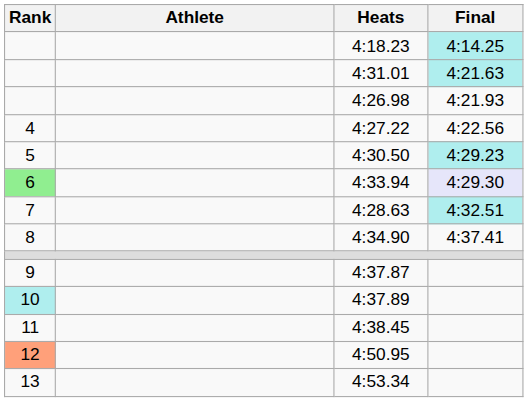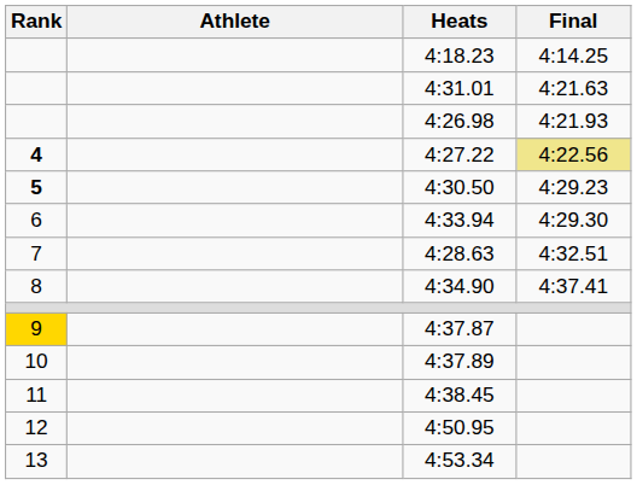 <table class=wikitable style="text-align:center">
 <tr>
 <th width=40>Rank</th>
 <th width=250>Athlete</th>
 <th width=80>Heats</th>
 <th width=80>Final</th>
 </tr>
 <tr>
 <td></td>
 <td align=left></td>
 <td>4:18.23</td>
-<td style="background: paleturquoise;">4:14.25</td>
+<td>4:14.25</td>
 </tr>
 <tr>
 <td></td>
 <td align=left></td>
 <td>4:31.01</td>
-<td style="background: paleturquoise;">4:21.63</td>
+<td>4:21.63</td>
 </tr>
 <tr>
 <td></td>
 <td align=left></td>
 <td>4:26.98</td>
 <td>4:21.93</td>
 </tr>
 <tr>
-<td>4</td>
+<td><strong>4</strong></td>
 <td align=left></td>
 <td>4:27.22</td>
-<td>4:22.56</td>
+<td style="background: khaki;">4:22.56</td>
 </tr>
 <tr>
-<td>5</td>
+<td><strong>5</strong></td>
 <td align=left></td>
 <td>4:30.50</td>
-<td style="background: paleturquoise;">4:29.23</td>
+<td>4:29.23</td>
 </tr>
 <tr>
-<td style="background: lightgreen;">6</td>
+<td>6</td>
 <td align=left></td>
 <td>4:33.94</td>
-<td style="background: lavender;">4:29.30</td>
+<td>4:29.30</td>
 </tr>
 <tr>
 <td>7</td>
 <td align=left></td>
 <td>4:28.63</td>
-<td style="background: paleturquoise;">4:32.51</td>
+<td>4:32.51</td>
 </tr>
 <tr>
 <td>8</td>
 <td align=left></td>
 <td>4:34.90</td>
 <td>4:37.41</td>
 </tr>
 <tr bgcolor=#DDDDDD>
 <td colspan=4></td>
 </tr>
 <tr>
-<td>9</td>
+<td style="background: gold;">9</td>
 <td align=left></td>
 <td>4:37.87</td>
 <td></td>
 </tr>
 <tr>
-<td style="background: paleturquoise;">10</td>
+<td>10</td>
 <td align=left></td>
 <td>4:37.89</td>
 <td></td>
 </tr>
 <tr>
 <td>11</td>
 <td align=left></td>
 <td>4:38.45</td>
 <td></td>
 </tr>
 <tr>
-<td style="background: lightsalmon;">12</td>
+<td>12</td>
 <td align=left></td>
 <td>4:50.95</td>
 <td></td>
 </tr>
 <tr>
 <td>13</td>
 <td align=left></td>
 <td>4:53.34</td>
 <td></td>
 </tr>
 </table>
